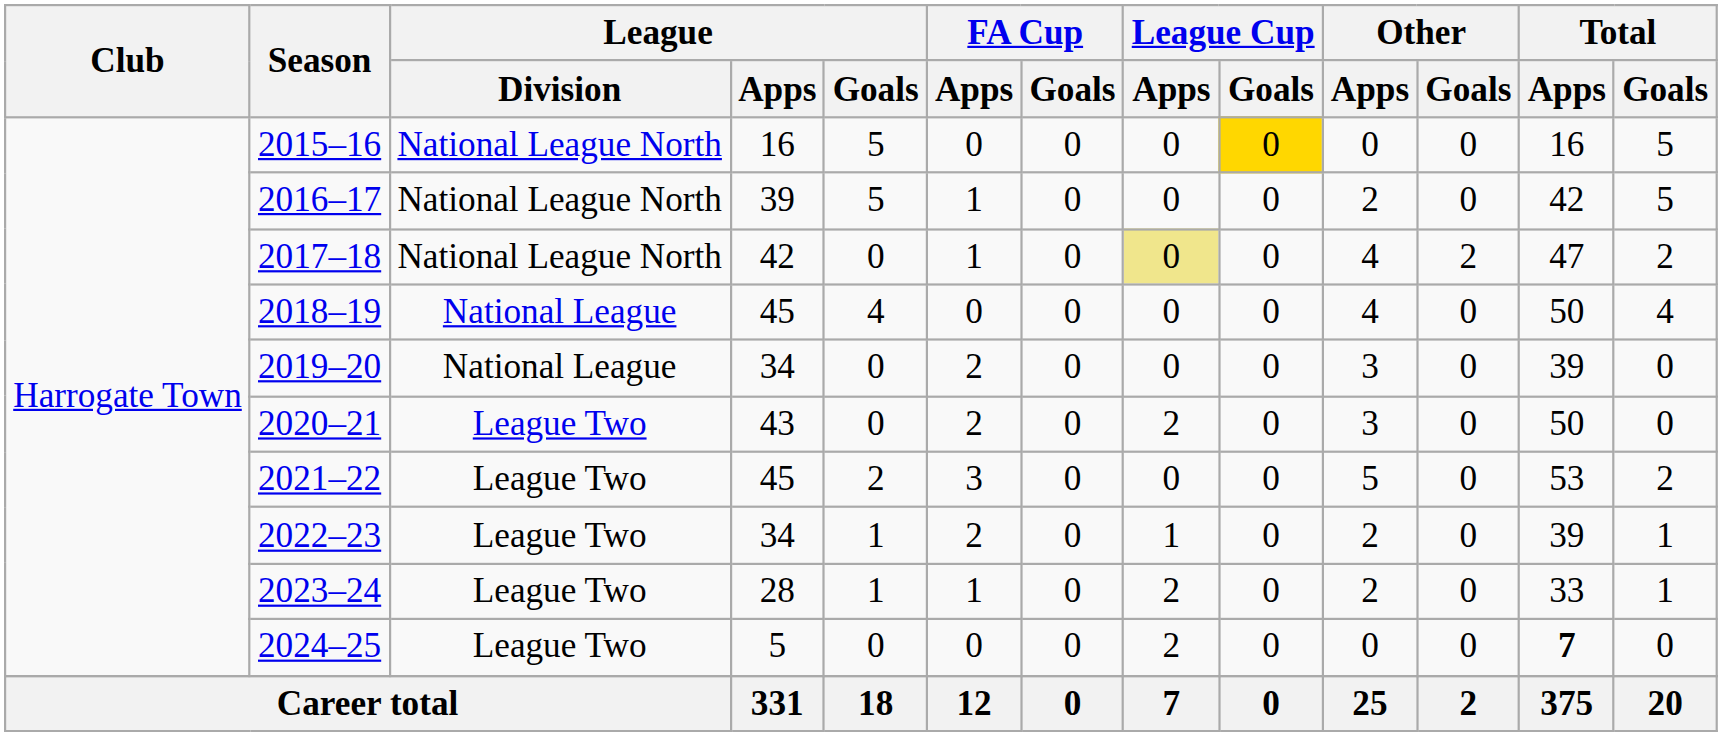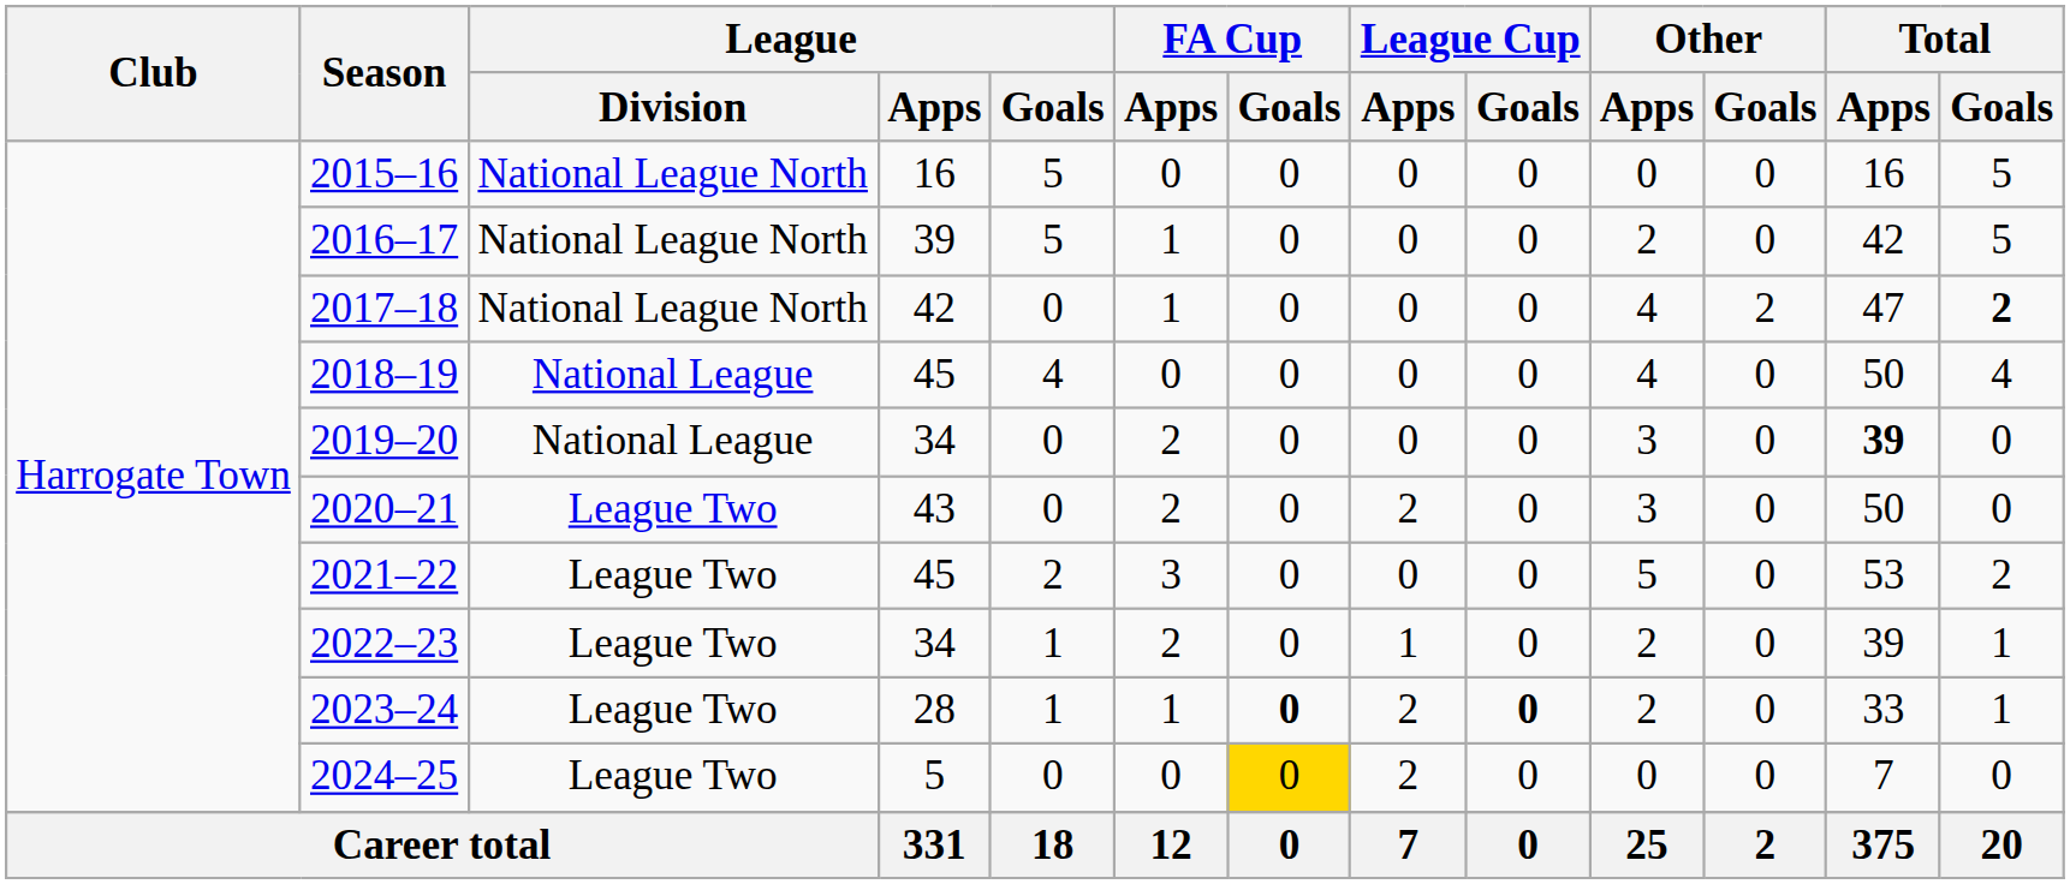 <table class="wikitable" style="text-align: center">
 <tr>
 <th rowspan="2">Club</th>
 <th rowspan="2">Season</th>
 <th colspan="3">League</th>
 <th colspan="2"><a href='#'>FA Cup</a></th>
 <th colspan="2"><a href='#'>League Cup</a></th>
 <th colspan="2">Other</th>
 <th colspan="2">Total</th>
 </tr>
 <tr>
 <th>Division</th>
 <th>Apps</th>
 <th>Goals</th>
 <th>Apps</th>
 <th>Goals</th>
 <th>Apps</th>
 <th>Goals</th>
 <th>Apps</th>
 <th>Goals</th>
 <th>Apps</th>
 <th>Goals</th>
 </tr>
 <tr>
 <td rowspan="10"><a href='#'>Harrogate Town</a></td>
 <td><a href='#'>2015–16</a></td>
 <td><a href='#'>National League North</a></td>
 <td>16</td>
 <td>5</td>
 <td>0</td>
 <td>0</td>
 <td>0</td>
-<td style="background: gold;">0</td>
+<td>0</td>
 <td>0</td>
 <td>0</td>
 <td>16</td>
 <td>5</td>
 </tr>
 <tr>
 <td><a href='#'>2016–17</a></td>
 <td>National League North</td>
 <td>39</td>
 <td>5</td>
 <td>1</td>
 <td>0</td>
 <td>0</td>
 <td>0</td>
 <td>2</td>
 <td>0</td>
 <td>42</td>
 <td>5</td>
 </tr>
 <tr>
 <td><a href='#'>2017–18</a></td>
 <td>National League North</td>
 <td>42</td>
 <td>0</td>
 <td>1</td>
 <td>0</td>
-<td style="background: khaki;">0</td>
+<td>0</td>
 <td>0</td>
 <td>4</td>
 <td>2</td>
 <td>47</td>
-<td>2</td>
+<td><strong>2</strong></td>
 </tr>
 <tr>
 <td><a href='#'>2018–19</a></td>
 <td><a href='#'>National League</a></td>
 <td>45</td>
 <td>4</td>
 <td>0</td>
 <td>0</td>
 <td>0</td>
 <td>0</td>
 <td>4</td>
 <td>0</td>
 <td>50</td>
 <td>4</td>
 </tr>
 <tr>
 <td><a href='#'>2019–20</a></td>
 <td>National League</td>
 <td>34</td>
 <td>0</td>
 <td>2</td>
 <td>0</td>
 <td>0</td>
 <td>0</td>
 <td>3</td>
 <td>0</td>
-<td>39</td>
+<td><strong>39</strong></td>
 <td>0</td>
 </tr>
 <tr>
 <td><a href='#'>2020–21</a></td>
 <td><a href='#'>League Two</a></td>
 <td>43</td>
 <td>0</td>
 <td>2</td>
 <td>0</td>
 <td>2</td>
 <td>0</td>
 <td>3</td>
 <td>0</td>
 <td>50</td>
 <td>0</td>
 </tr>
 <tr>
 <td><a href='#'>2021–22</a></td>
 <td>League Two</td>
 <td>45</td>
 <td>2</td>
 <td>3</td>
 <td>0</td>
 <td>0</td>
 <td>0</td>
 <td>5</td>
 <td>0</td>
 <td>53</td>
 <td>2</td>
 </tr>
 <tr>
 <td><a href='#'>2022–23</a></td>
 <td>League Two</td>
 <td>34</td>
 <td>1</td>
 <td>2</td>
 <td>0</td>
 <td>1</td>
 <td>0</td>
 <td>2</td>
 <td>0</td>
 <td>39</td>
 <td>1</td>
 </tr>
 <tr>
 <td><a href='#'>2023–24</a></td>
 <td>League Two</td>
 <td>28</td>
 <td>1</td>
 <td>1</td>
-<td>0</td>
+<td><strong>0</strong></td>
 <td>2</td>
-<td>0</td>
+<td><strong>0</strong></td>
 <td>2</td>
 <td>0</td>
 <td>33</td>
 <td>1</td>
 </tr>
 <tr>
 <td><a href='#'>2024–25</a></td>
 <td>League Two</td>
 <td>5</td>
 <td>0</td>
 <td>0</td>
-<td>0</td>
+<td style="background: gold;">0</td>
 <td>2</td>
 <td>0</td>
 <td>0</td>
 <td>0</td>
-<td><strong>7</strong></td>
+<td>7</td>
 <td>0</td>
 </tr>
 <tr>
 </tr>
 <tr>
 <th colspan="3">Career total</th>
 <th>331</th>
 <th>18</th>
 <th>12</th>
 <th>0</th>
 <th>7</th>
 <th>0</th>
 <th>25</th>
 <th>2</th>
 <th>375</th>
 <th>20</th>
 </tr>
 </table>
